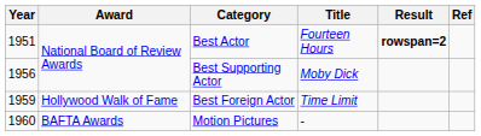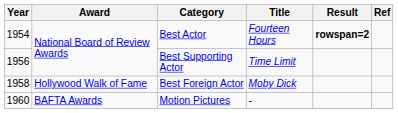 <table class="wikitable sortable">
 <tr>
 <th>Year</th>
 <th>Award</th>
 <th>Category</th>
 <th>Title</th>
 <th>Result</th>
 <th>Ref</th>
 </tr>
 <tr>
-<td>1951</td>
+<td>1954</td>
 <td rowspan=2><a href='#'>National Board of Review Awards</a></td>
 <td><a href='#'>Best Actor</a></td>
 <td><em><a href='#'>Fourteen Hours</a></em></td>
 <td><strong>rowspan=2 </strong></td>
 <td></td>
 </tr>
 <tr>
 <td>1956</td>
 <td><a href='#'>Best Supporting Actor</a></td>
-<td><em><a href='#'>Moby Dick</a></em></td>
+<td><em><a href='#'>Time Limit</a></em></td>
 <td></td>
 </tr>
 <tr>
-<td>1959</td>
+<td>1958</td>
 <td><a href='#'>Hollywood Walk of Fame</a></td>
 <td><a href='#'>Best Foreign Actor</a></td>
-<td><em><a href='#'>Time Limit</a></em></td>
+<td><em><a href='#'>Moby Dick</a></em></td>
 <td></td>
 <td></td>
 </tr>
 <tr>
 <td>1960</td>
 <td><a href='#'>BAFTA Awards</a></td>
 <td><a href='#'>Motion Pictures</a></td>
 <td>-</td>
 <td></td>
 <td></td>
 </tr>
 </table>
